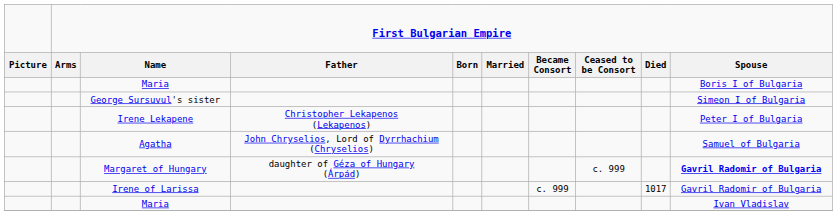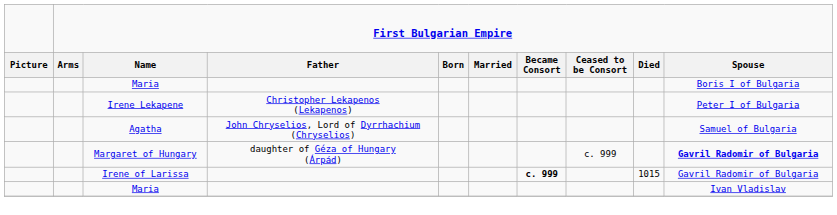 <table width=95% class="wikitable">
 <tr>
 <td></td>
 <td colspan="9" align="center"><br><h3><a href='#'>First Bulgarian Empire</a></h3></td>
 </tr>
 <tr>
 <th>Picture</th>
 <th>Arms</th>
 <th>Name</th>
 <th>Father</th>
 <th>Born</th>
 <th>Married</th>
 <th>Became<br>Consort</th>
 <th>Ceased to<br>be Consort</th>
 <th>Died</th>
 <th>Spouse</th>
 </tr>
 <tr>
 <td></td>
 <td align="center"></td>
 <td align="center"><a href='#'>Maria</a></td>
 <td align="center"></td>
 <td align="center"></td>
 <td align="center"></td>
 <td align="center"></td>
 <td align="center"></td>
 <td align="center"></td>
 <td align="center"><a href='#'>Boris I of Bulgaria</a></td>
-</tr>
-<tr>
-<td></td>
-<td align="center"></td>
-<td align="center"><a href='#'>George Sursuvul</a>'s sister</td>
-<td align="center"></td>
-<td align="center"></td>
-<td align="center"></td>
-<td align="center"></td>
-<td align="center"></td>
-<td align="center"></td>
-<td align="center"><a href='#'>Simeon I of Bulgaria</a></td>
 </tr>
 <tr>
 <td></td>
 <td align="center"></td>
 <td align="center"><a href='#'>Irene Lekapene</a></td>
 <td align="center"><a href='#'>Christopher Lekapenos</a><br>(<a href='#'>Lekapenos</a>)</td>
 <td align="center"></td>
 <td align="center"></td>
 <td align="center"></td>
 <td align="center"></td>
 <td align="center"></td>
 <td align="center"><a href='#'>Peter I of Bulgaria</a></td>
 </tr>
 <tr>
 <td></td>
 <td align="center"></td>
 <td align="center"><a href='#'>Agatha</a></td>
 <td align="center"><a href='#'>John Chryselios</a>, Lord of <a href='#'>Dyrrhachium</a><br>(<a href='#'>Chryselios</a>)</td>
 <td align="center"></td>
 <td align="center"></td>
 <td align="center"></td>
 <td align="center"></td>
 <td align="center"></td>
 <td align="center"><a href='#'>Samuel of Bulgaria</a></td>
 </tr>
 <tr>
 <td></td>
 <td align="center"></td>
 <td align="center"><a href='#'>Margaret of Hungary</a></td>
 <td align="center">daughter of <a href='#'>Géza of Hungary</a><br>(<a href='#'>Árpád</a>)</td>
 <td align="center"></td>
 <td align="center"></td>
 <td align="center"></td>
 <td align="center">c. 999</td>
 <td align="center"></td>
 <td align="center"><strong><a href='#'>Gavril Radomir of Bulgaria</a></strong></td>
 </tr>
 <tr>
 <td></td>
 <td align="center"></td>
 <td align="center"><a href='#'>Irene of Larissa</a></td>
 <td align="center"></td>
 <td align="center"></td>
 <td align="center"></td>
-<td align="center">c. 999</td>
+<td align="center"><strong>c. 999</strong></td>
 <td align="center"></td>
-<td align="center">1017</td>
+<td align="center">1015</td>
 <td align="center"><a href='#'>Gavril Radomir of Bulgaria</a></td>
 </tr>
 <tr>
 <td></td>
 <td align="center"></td>
 <td align="center"><a href='#'>Maria</a></td>
 <td align="center"></td>
 <td align="center"></td>
 <td align="center"></td>
 <td align="center"></td>
 <td align="center"></td>
 <td align="center"></td>
 <td align="center"><a href='#'>Ivan Vladislav</a></td>
 </tr>
 <tr>
 </tr>
 </table>
